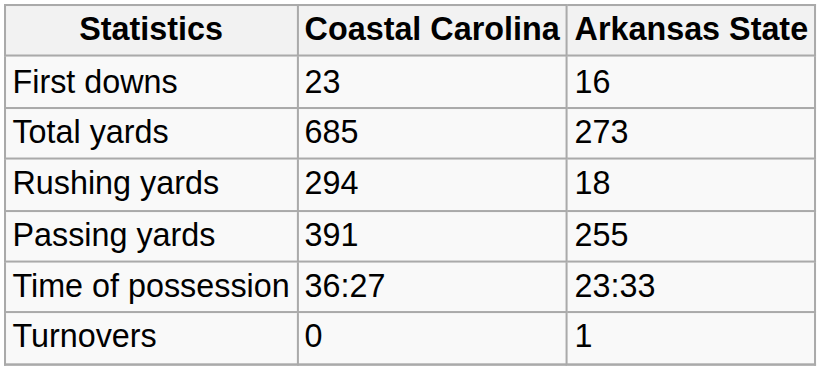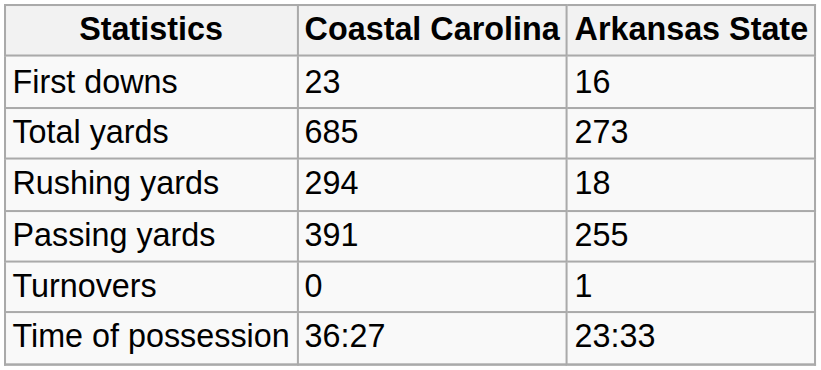 <table class="wikitable">
 <tr>
 <th>Statistics</th>
 <th>Coastal Carolina</th>
 <th>Arkansas State</th>
 </tr>
 <tr>
 <td>First downs</td>
 <td>23</td>
 <td>16</td>
 </tr>
 <tr>
 <td>Total yards</td>
 <td>685</td>
 <td>273</td>
 </tr>
 <tr>
 <td>Rushing yards</td>
 <td>294</td>
 <td>18</td>
 </tr>
 <tr>
 <td>Passing yards</td>
 <td>391</td>
 <td>255</td>
 </tr>
 <tr>
+<td>Turnovers</td>
+<td>0</td>
+<td>1</td>
+</tr>
+<tr>
 <td>Time of possession</td>
 <td>36:27</td>
 <td>23:33</td>
 </tr>
 <tr>
-<td>Turnovers</td>
-<td>0</td>
-<td>1</td>
-</tr>
-<tr>
 </tr>
 </table>
